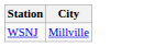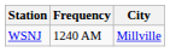 <table class="wikitable">
 <tr>
 <th>Station</th>
+<th>Frequency</th>
 <th>City</th>
 </tr>
 <tr>
 <td><a href='#'>WSNJ</a></td>
+<td>1240 AM</td>
 <td><a href='#'>Millville</a></td>
 </tr>
 </table>
